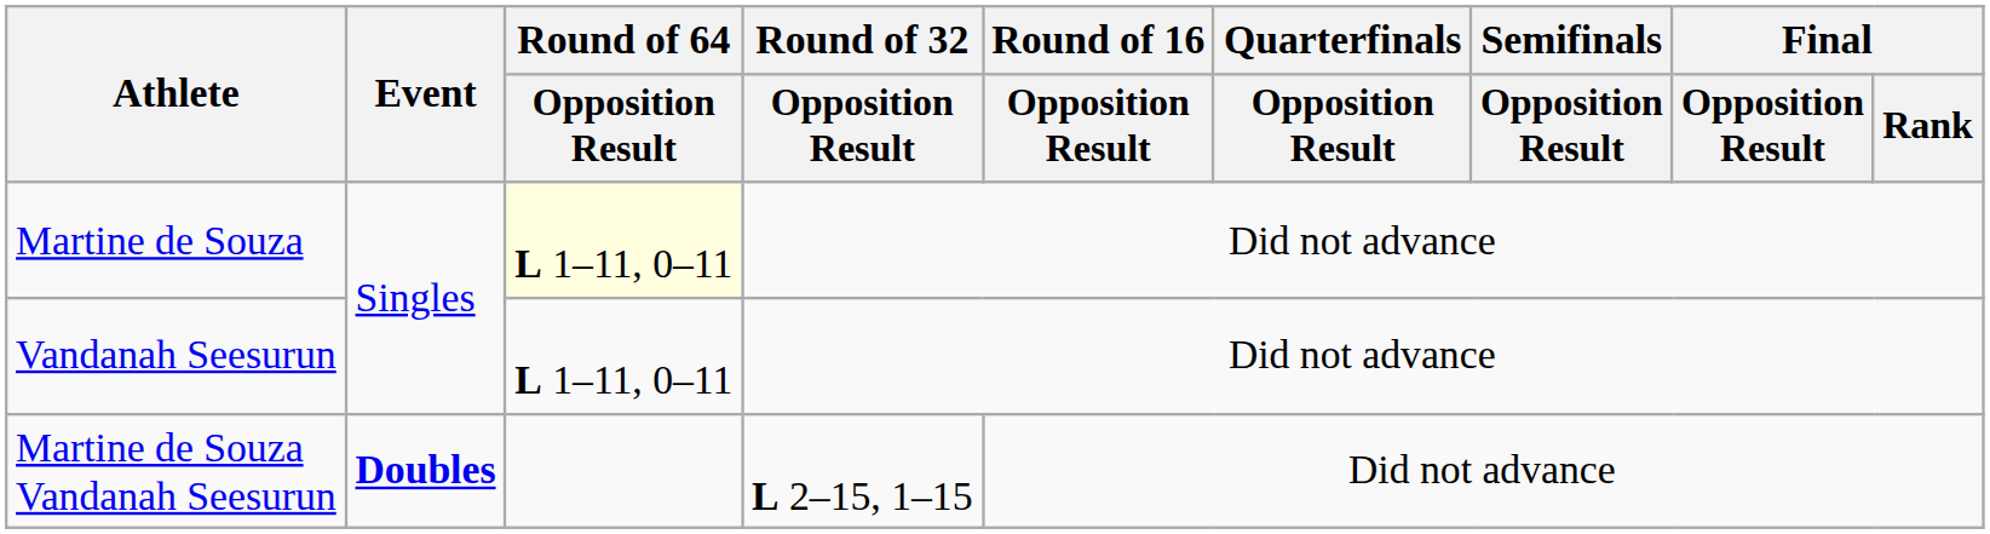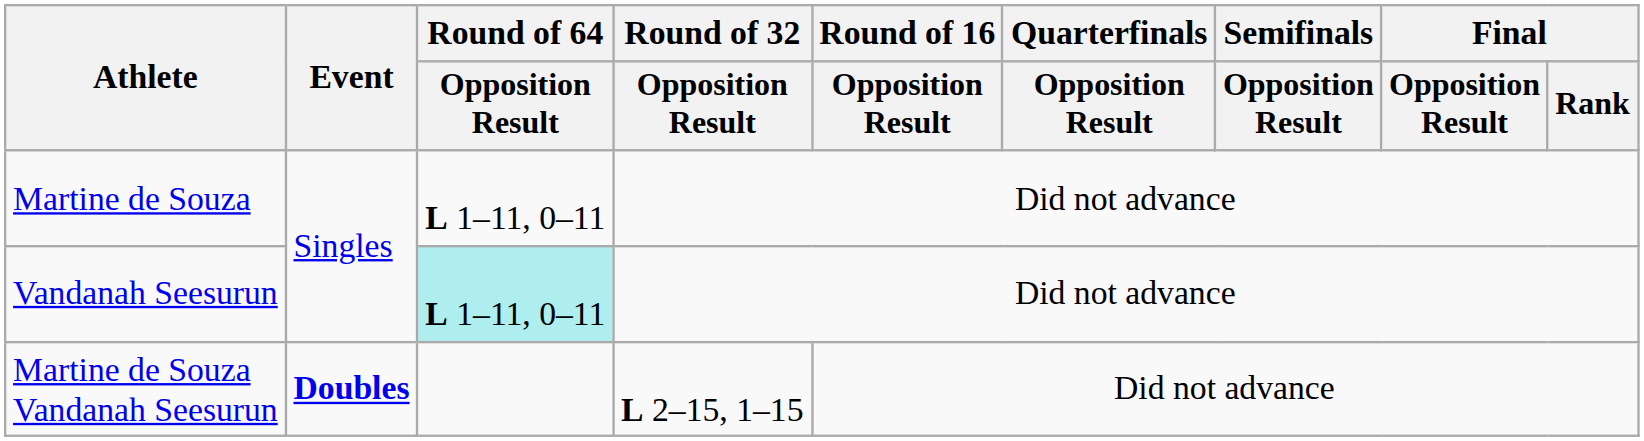 <table class="wikitable" style="font-size:90%">
 <tr>
 <th rowspan="2">Athlete</th>
 <th rowspan="2">Event</th>
 <th>Round of 64</th>
 <th>Round of 32</th>
 <th>Round of 16</th>
 <th>Quarterfinals</th>
 <th>Semifinals</th>
 <th colspan=2>Final</th>
 </tr>
 <tr style="font-size:95%">
 <th>Opposition<br>Result</th>
 <th>Opposition<br>Result</th>
 <th>Opposition<br>Result</th>
 <th>Opposition<br>Result</th>
 <th>Opposition<br>Result</th>
 <th>Opposition<br>Result</th>
 <th>Rank</th>
 </tr>
 <tr align=center>
 <td align=left><a href='#'>Martine de Souza</a></td>
 <td align=left rowspan=2><a href='#'>Singles</a></td>
-<td style="background: lightyellow;"><br><strong>L</strong> 1–11, 0–11</td>
+<td><br><strong>L</strong> 1–11, 0–11</td>
 <td colspan=6>Did not advance</td>
 </tr>
 <tr align=center>
 <td align=left><a href='#'>Vandanah Seesurun</a></td>
-<td><br><strong>L</strong> 1–11, 0–11</td>
+<td style="background: paleturquoise;"><br><strong>L</strong> 1–11, 0–11</td>
 <td colspan=6>Did not advance</td>
 </tr>
 <tr align=center>
 <td align=left><a href='#'>Martine de Souza</a><br><a href='#'>Vandanah Seesurun</a></td>
 <td align=left><strong><a href='#'>Doubles</a></strong></td>
 <td></td>
 <td><br><strong>L</strong> 2–15, 1–15</td>
 <td colspan=5>Did not advance</td>
 </tr>
 </table>
